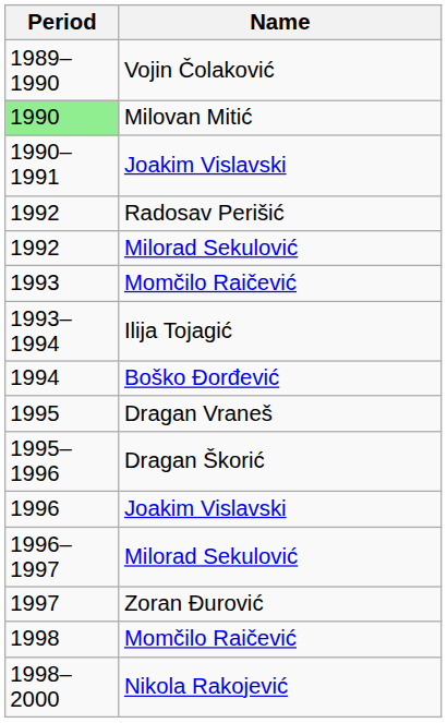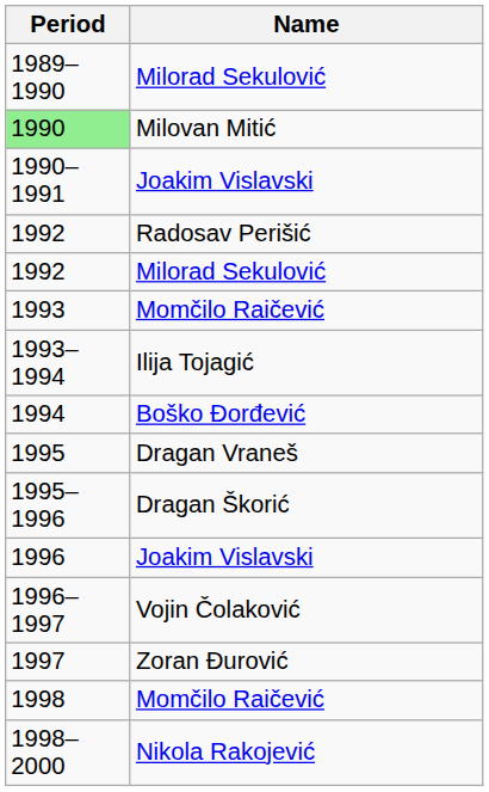 <table class="wikitable">
 <tr>
 <th width="75">Period</th>
 <th width="225">Name</th>
 </tr>
 <tr>
 <td>1989–1990</td>
-<td> Vojin Čolaković</td>
+<td> <a href='#'>Milorad Sekulović</a></td>
 </tr>
 <tr>
 <td style="background: lightgreen;">1990</td>
 <td> Milovan Mitić</td>
 </tr>
 <tr>
 <td>1990–1991</td>
 <td> <a href='#'>Joakim Vislavski</a></td>
 </tr>
 <tr>
 <td>1992</td>
 <td> Radosav Perišić</td>
 </tr>
 <tr>
 <td>1992</td>
 <td> <a href='#'>Milorad Sekulović</a></td>
 </tr>
 <tr>
 <td>1993</td>
 <td> <a href='#'>Momčilo Raičević</a></td>
 </tr>
 <tr>
 <td>1993–1994</td>
 <td> Ilija Tojagić</td>
 </tr>
 <tr>
 <td>1994</td>
 <td> <a href='#'>Boško Đorđević</a></td>
 </tr>
 <tr>
 <td>1995</td>
 <td> Dragan Vraneš</td>
 </tr>
 <tr>
 <td>1995–1996</td>
 <td> Dragan Škorić</td>
 </tr>
 <tr>
 <td>1996</td>
 <td> <a href='#'>Joakim Vislavski</a></td>
 </tr>
 <tr>
 <td>1996–1997</td>
-<td> <a href='#'>Milorad Sekulović</a></td>
+<td> Vojin Čolaković</td>
 </tr>
 <tr>
 <td>1997</td>
 <td> Zoran Đurović</td>
 </tr>
 <tr>
 <td>1998</td>
 <td> <a href='#'>Momčilo Raičević</a></td>
 </tr>
 <tr>
 <td>1998–2000</td>
 <td> <a href='#'>Nikola Rakojević</a></td>
 </tr>
 </table>
